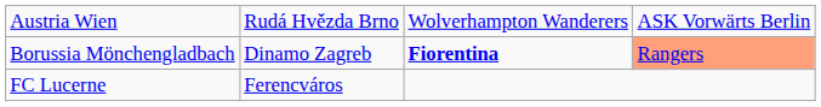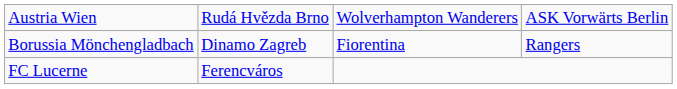 <table class="wikitable">
 <tr>
 <td> <a href='#'>Austria Wien</a> </td>
 <td> <a href='#'>Rudá Hvězda Brno</a> </td>
 <td> <a href='#'>Wolverhampton Wanderers</a> </td>
 <td> <a href='#'>ASK Vorwärts Berlin</a> </td>
 </tr>
 <tr>
 <td> <a href='#'>Borussia Mönchengladbach</a> </td>
 <td> <a href='#'>Dinamo Zagreb</a> </td>
-<td><strong> <a href='#'>Fiorentina</a> </strong></td>
-<td style="background: lightsalmon;"> <a href='#'>Rangers</a> </td>
+<td> <a href='#'>Fiorentina</a> </td>
+<td> <a href='#'>Rangers</a> </td>
 </tr>
 <tr>
 <td> <a href='#'>FC Lucerne</a> </td>
 <td> <a href='#'>Ferencváros</a> </td>
 </tr>
 </table>
